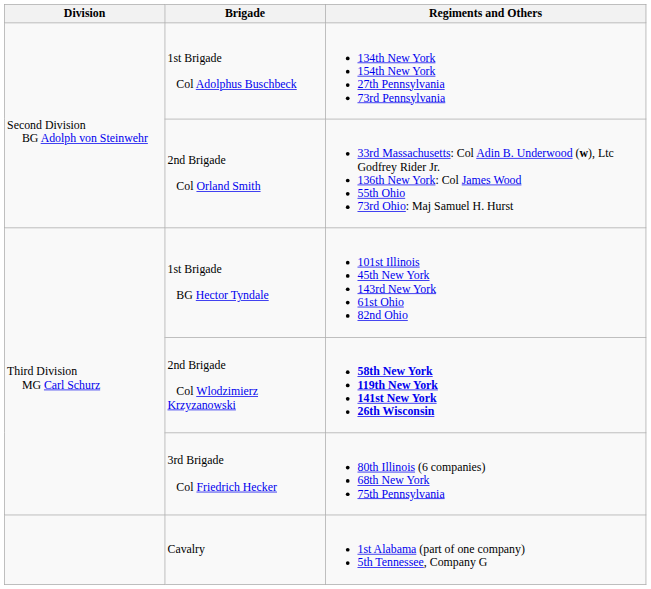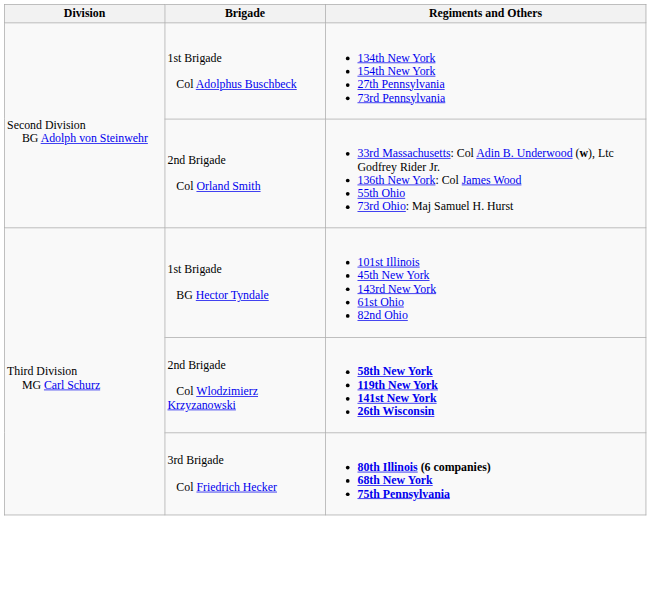 <table class="wikitable">
 <tr>
 <th width=25%>Division</th>
 <th width=25%>Brigade</th>
 <th>Regiments and Others</th>
 </tr>
 <tr>
 <td rowspan=2><br>Second Division <br>     BG <a href='#'>Adolph von Steinwehr</a></td>
 <td>1st Brigade<br><br>   Col <a href='#'>Adolphus Buschbeck</a></td>
 <td><br><ul><li><a href='#'>134th New York</a></li><li><a href='#'>154th New York</a></li><li><a href='#'>27th Pennsylvania</a></li><li><a href='#'>73rd Pennsylvania</a></li></ul></td>
 </tr>
 <tr>
 <td>2nd Brigade<br><br>   Col <a href='#'>Orland Smith</a></td>
 <td><br><ul><li><a href='#'>33rd Massachusetts</a>: Col <a href='#'>Adin B. Underwood</a> (<strong>w</strong>), Ltc Godfrey Rider Jr.</li><li><a href='#'>136th New York</a>: Col <a href='#'>James Wood</a></li><li><a href='#'>55th Ohio</a></li><li><a href='#'>73rd Ohio</a>: Maj Samuel H. Hurst</li></ul></td>
 </tr>
 <tr>
 <td rowspan=3><br>Third Division <br>     MG <a href='#'>Carl Schurz</a></td>
 <td>1st Brigade<br><br>   BG <a href='#'>Hector Tyndale</a></td>
 <td><br><ul><li><a href='#'>101st Illinois</a></li><li><a href='#'>45th New York</a></li><li><a href='#'>143rd New York</a></li><li><a href='#'>61st Ohio</a></li><li><a href='#'>82nd Ohio</a></li></ul></td>
 </tr>
 <tr>
 <td>2nd Brigade<br><br>   Col <a href='#'>Wlodzimierz Krzyzanowski</a></td>
 <td><strong><br><ul><li><a href='#'>58th New York</a></li><li><a href='#'>119th New York</a></li><li><a href='#'>141st New York</a></li><li><a href='#'>26th Wisconsin</a></li></ul></strong></td>
 </tr>
 <tr>
 <td>3rd Brigade<br><br>   Col <a href='#'>Friedrich Hecker</a></td>
-<td><br><ul><li><a href='#'>80th Illinois</a> (6 companies)</li><li><a href='#'>68th New York</a></li><li><a href='#'>75th Pennsylvania</a></li></ul></td>
-</tr>
-<tr>
-<td></td>
-<td>Cavalry</td>
-<td><br><ul><li><a href='#'>1st Alabama</a> (part of one company)</li><li><a href='#'>5th Tennessee</a>, Company G</li></ul></td>
+<td><strong><br><ul><li><a href='#'>80th Illinois</a> (6 companies)</li><li><a href='#'>68th New York</a></li><li><a href='#'>75th Pennsylvania</a></li></ul></strong></td>
 </tr>
 </table>
